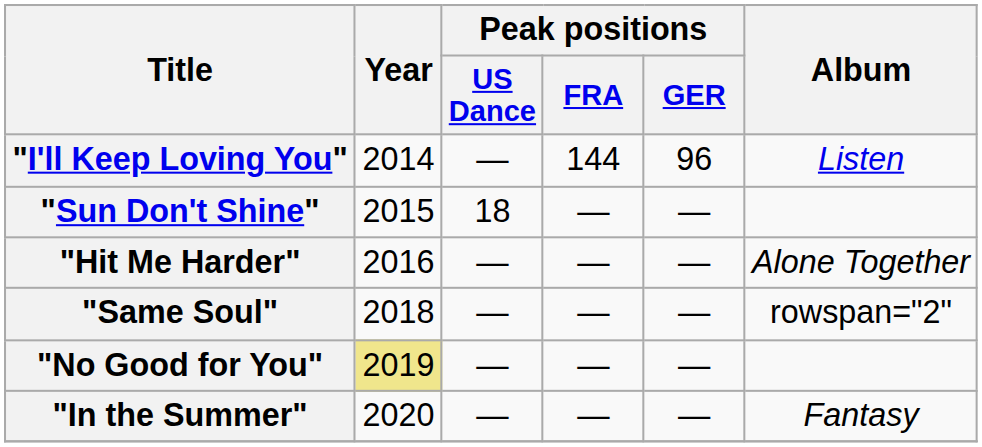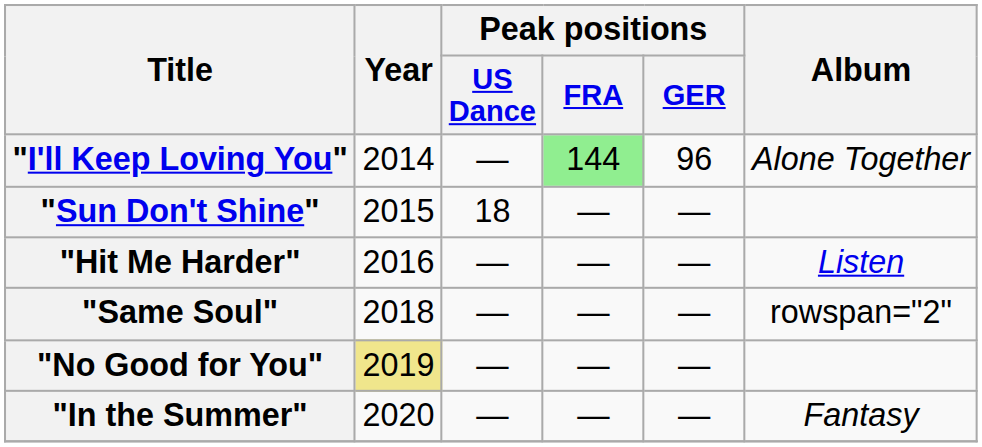 <table class="wikitable plainrowheaders" style="text-align:center">
 <tr>
 <th scope="col" rowspan="2">Title</th>
 <th scope="col" rowspan="2">Year</th>
 <th scope="col" colspan="3">Peak positions</th>
 <th scope="col" rowspan="2">Album</th>
 </tr>
 <tr>
 <th scope="col" style="width:3em;font-size:90%;"><a href='#'>US<br>Dance</a><br></th>
 <th scope="col" style="width:3em;font-size:90%;"><a href='#'>FRA</a><br></th>
 <th scope="col" style="width:3em;font-size:90%;"><a href='#'>GER</a><br></th>
 </tr>
 <tr>
 <th scope="row">"<a href='#'>I'll Keep Loving You</a>"<br></th>
 <td>2014</td>
 <td>—</td>
-<td>144</td>
+<td style="background: lightgreen;">144</td>
 <td>96</td>
-<td><em><a href='#'>Listen</a></em></td>
+<td><em>Alone Together</em></td>
 </tr>
 <tr>
 <th scope="row">"<a href='#'>Sun Don't Shine</a>"<br></th>
 <td>2015</td>
 <td>18</td>
 <td>—</td>
 <td>—</td>
 <td></td>
 </tr>
 <tr>
 <th scope="row">"Hit Me Harder"<br></th>
 <td>2016</td>
 <td>—</td>
 <td>—</td>
 <td>—</td>
-<td><em>Alone Together</em></td>
+<td><em><a href='#'>Listen</a></em></td>
 </tr>
 <tr>
 <th scope="row">"Same Soul"<br></th>
 <td>2018</td>
 <td>—</td>
 <td>—</td>
 <td>—</td>
 <td>rowspan="2" </td>
 </tr>
 <tr>
 <th scope="row">"No Good for You"<br></th>
 <td style="background: khaki;">2019</td>
 <td>—</td>
 <td>—</td>
 <td>—</td>
 </tr>
 <tr>
 <th scope="row">"In the Summer"<br></th>
 <td>2020</td>
 <td>—</td>
 <td>—</td>
 <td>—</td>
 <td><em>Fantasy</em></td>
 </tr>
 <tr>
 </tr>
 </table>
